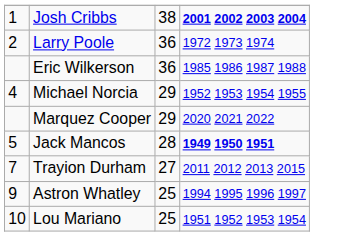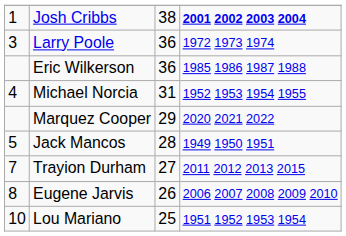 <table class="wikitable" style="display:inline-table;">
 <tr>
 </tr>
 <tr>
 <td>1</td>
 <td><a href='#'>Josh Cribbs</a></td>
 <td>38</td>
 <td style="font-size:80%;"><strong><a href='#'>2001</a> <a href='#'>2002</a> <a href='#'>2003</a> <a href='#'>2004</a></strong></td>
 </tr>
 <tr>
-<td>2</td>
+<td>3</td>
 <td><a href='#'>Larry Poole</a></td>
 <td>36</td>
 <td style="font-size:80%;"><a href='#'>1972</a> <a href='#'>1973</a> <a href='#'>1974</a></td>
 </tr>
 <tr>
 <td></td>
 <td>Eric Wilkerson</td>
 <td>36</td>
 <td style="font-size:80%;"><a href='#'>1985</a> <a href='#'>1986</a> <a href='#'>1987</a> <a href='#'>1988</a></td>
 </tr>
 <tr>
 <td>4</td>
 <td>Michael Norcia</td>
-<td>29</td>
+<td>31</td>
 <td style="font-size:80%;"><a href='#'>1952</a> <a href='#'>1953</a> <a href='#'>1954</a> <a href='#'>1955</a></td>
 </tr>
 <tr>
 <td></td>
 <td>Marquez Cooper</td>
 <td>29</td>
 <td style="font-size:80%;"><a href='#'>2020</a> <a href='#'>2021</a> <a href='#'>2022</a></td>
 </tr>
 <tr>
 <td>5</td>
 <td>Jack Mancos</td>
 <td>28</td>
-<td style="font-size:80%;"><strong><a href='#'>1949</a> <a href='#'>1950</a> <a href='#'>1951</a></strong></td>
+<td style="font-size:80%;"><a href='#'>1949</a> <a href='#'>1950</a> <a href='#'>1951</a></td>
 </tr>
 <tr>
 <td>7</td>
 <td>Trayion Durham</td>
 <td>27</td>
 <td style="font-size:80%;"><a href='#'>2011</a> <a href='#'>2012</a> <a href='#'>2013</a> <a href='#'>2015</a></td>
 </tr>
 <tr>
-<td>9</td>
-<td>Astron Whatley</td>
-<td>25</td>
-<td style="font-size:80%;"><a href='#'>1994</a> <a href='#'>1995</a> <a href='#'>1996</a> <a href='#'>1997</a></td>
+<td>8</td>
+<td>Eugene Jarvis</td>
+<td>26</td>
+<td style="font-size:80%;"><a href='#'>2006</a> <a href='#'>2007</a> <a href='#'>2008</a> <a href='#'>2009</a> <a href='#'>2010</a></td>
 </tr>
 <tr>
 <td>10</td>
 <td>Lou Mariano</td>
 <td>25</td>
 <td style="font-size:80%;"><a href='#'>1951</a> <a href='#'>1952</a> <a href='#'>1953</a> <a href='#'>1954</a></td>
 </tr>
 </table>
